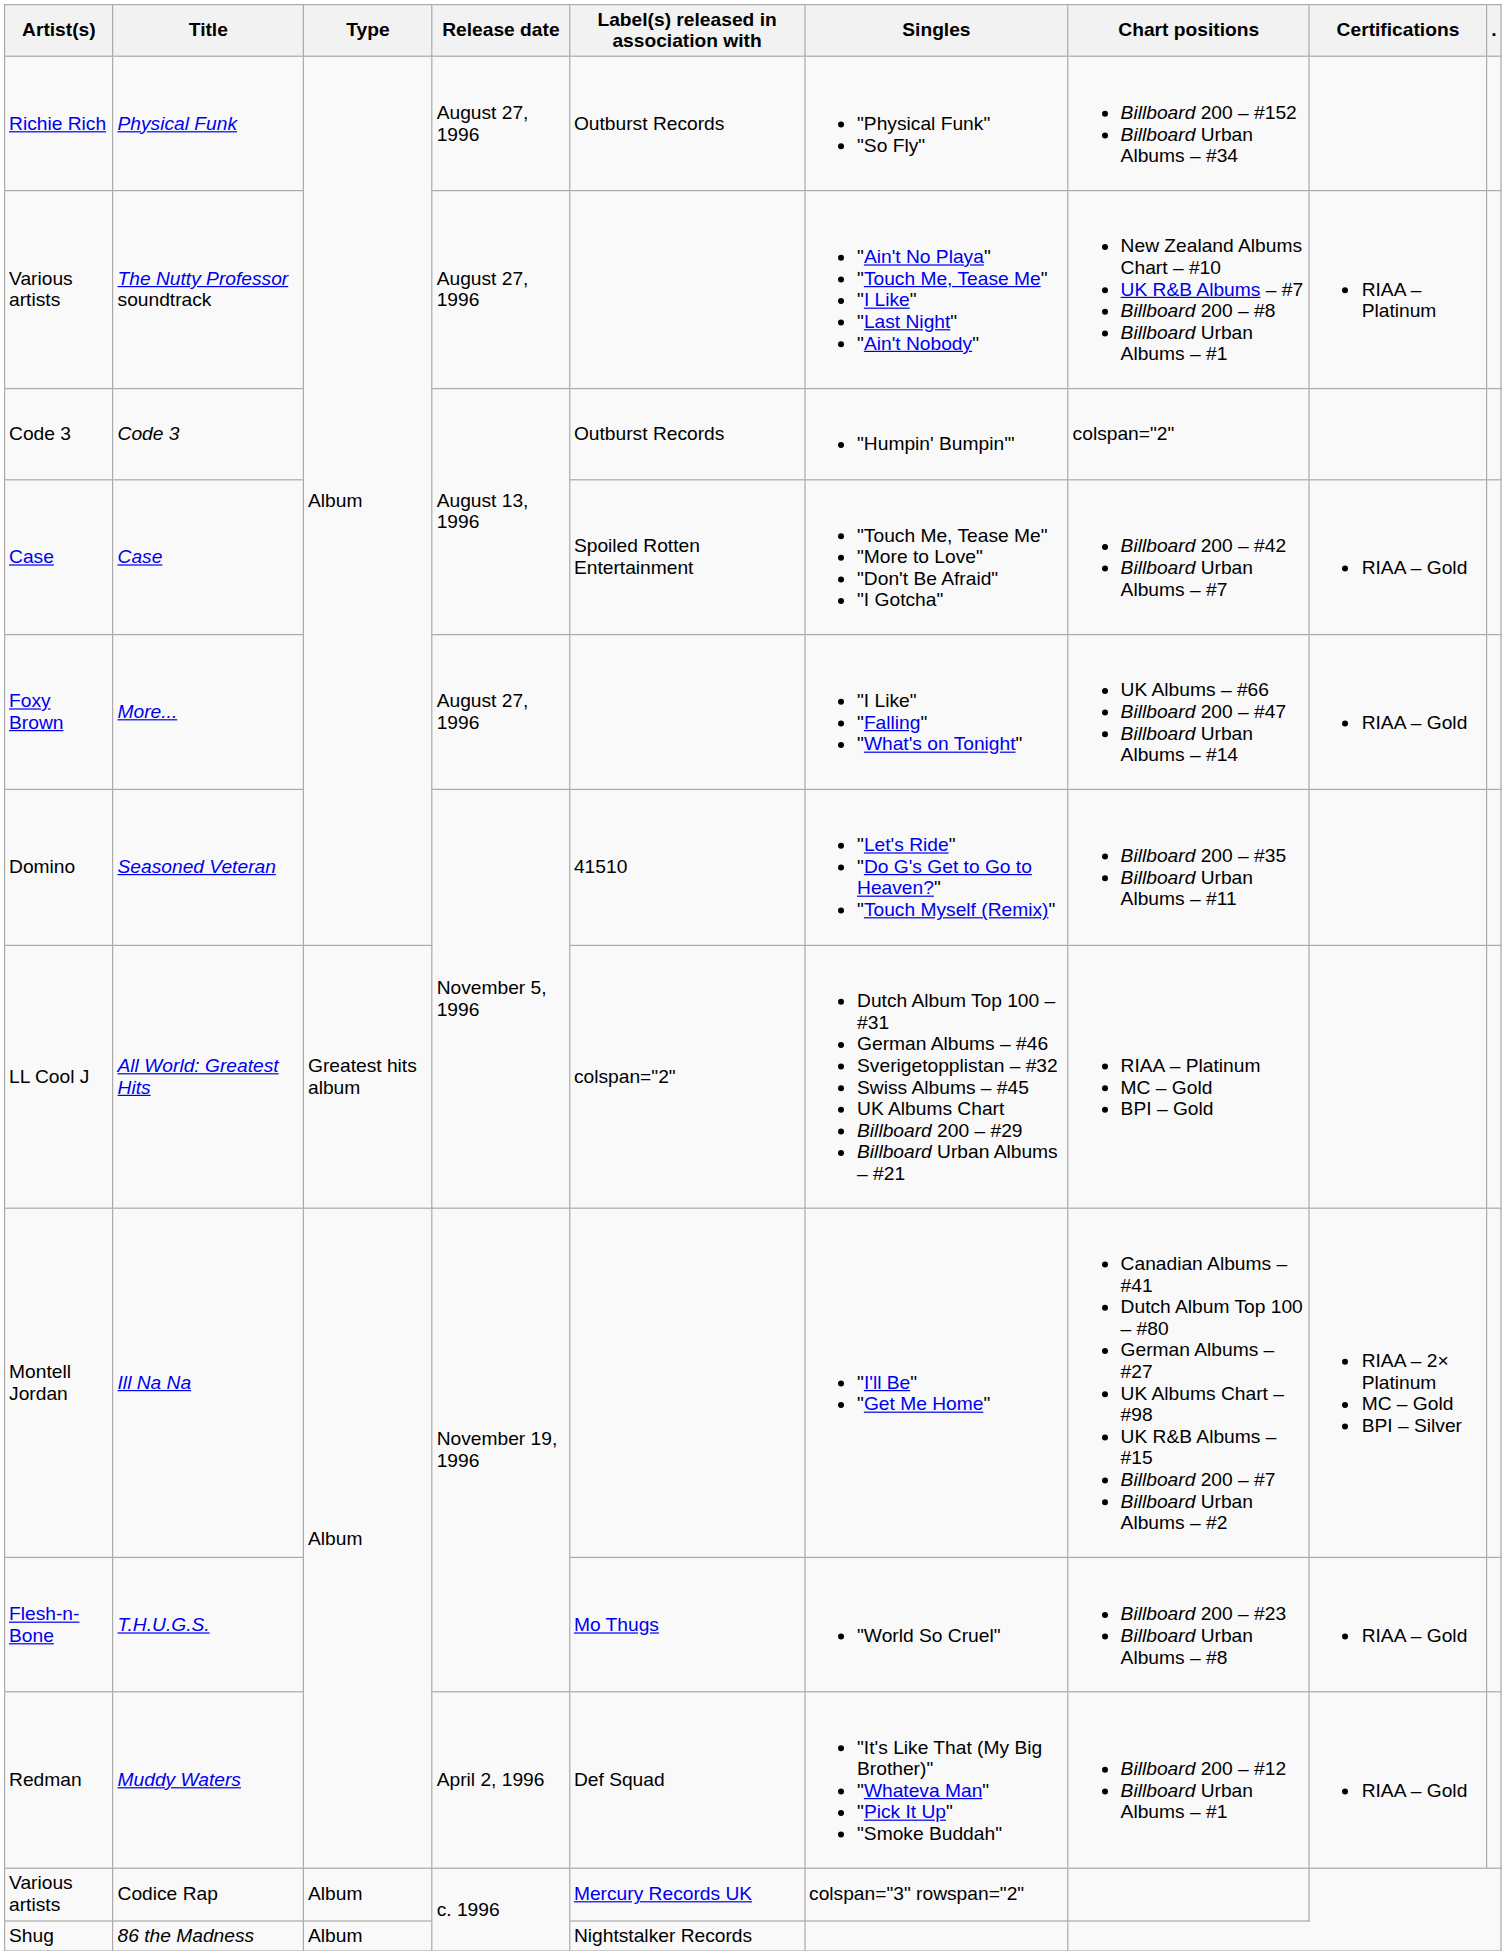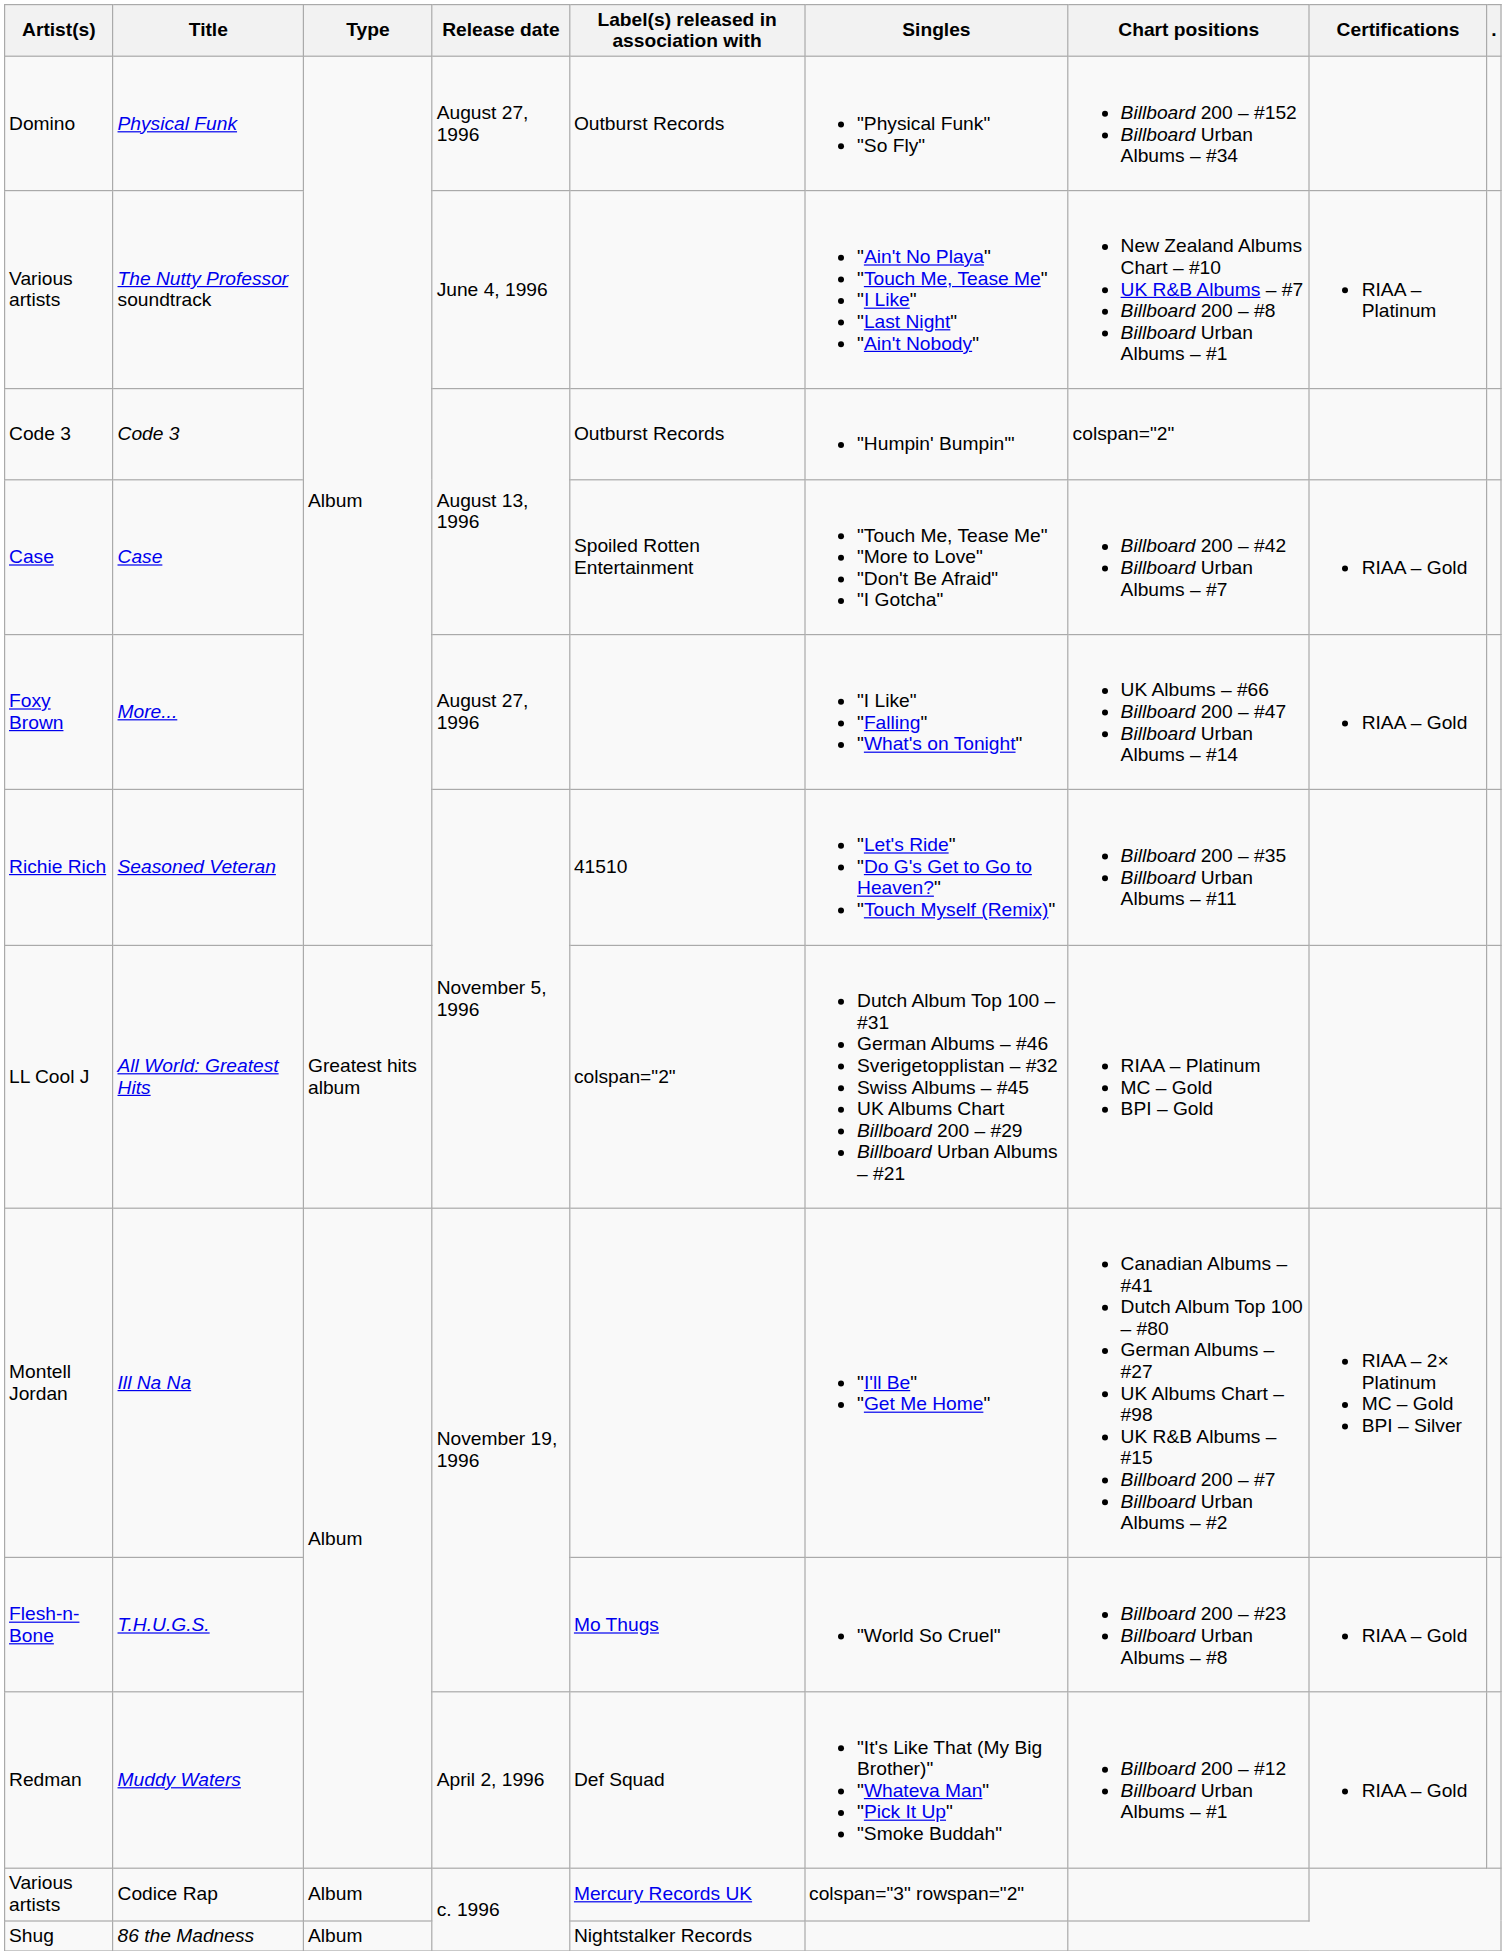 <table class="wikitable">
 <tr>
 <th>Artist(s)</th>
 <th>Title</th>
 <th>Type</th>
 <th>Release date</th>
 <th>Label(s) released in association with</th>
 <th>Singles</th>
 <th>Chart positions</th>
 <th>Certifications</th>
 <th>.</th>
 </tr>
 <tr>
-<td><a href='#'>Richie Rich</a></td>
+<td>Domino</td>
 <td><em><a href='#'>Physical Funk</a></em></td>
 <td rowspan="6">Album</td>
 <td>August 27, 1996</td>
 <td>Outburst Records</td>
 <td><br><ul><li>"Physical Funk"</li><li>"So Fly"</li></ul></td>
 <td><br><ul><li><em>Billboard</em> 200 – #152</li><li><em>Billboard</em> Urban Albums – #34</li></ul></td>
 <td></td>
 <td></td>
 </tr>
 <tr>
 <td>Various artists</td>
 <td><a href='#'><em>The Nutty Professor</em></a> soundtrack</td>
-<td>August 27, 1996</td>
+<td>June 4, 1996</td>
 <td></td>
 <td><br><ul><li>"<a href='#'>Ain't No Playa</a>"</li><li>"<a href='#'>Touch Me, Tease Me</a>"</li><li>"<a href='#'>I Like</a>"</li><li>"<a href='#'>Last Night</a>"</li><li>"<a href='#'>Ain't Nobody</a>"</li></ul></td>
 <td><br><ul><li>New Zealand Albums Chart – #10</li><li><a href='#'>UK R&B Albums</a> – #7</li><li><em>Billboard</em> 200 – #8</li><li><em>Billboard</em> Urban Albums – #1</li></ul></td>
 <td><br><ul><li>RIAA – Platinum</li></ul></td>
 <td></td>
 </tr>
 <tr>
 <td>Code 3</td>
 <td><em>Code 3</em></td>
 <td rowspan="2">August 13, 1996</td>
 <td>Outburst Records</td>
 <td><br><ul><li>"Humpin' Bumpin'"</li></ul></td>
 <td>colspan="2" </td>
 <td></td>
 </tr>
 <tr>
 <td><a href='#'>Case</a></td>
 <td><a href='#'><em>Case</em></a></td>
 <td>Spoiled Rotten Entertainment</td>
 <td><br><ul><li>"Touch Me, Tease Me"</li><li>"More to Love"</li><li>"Don't Be Afraid"</li><li>"I Gotcha"</li></ul></td>
 <td><br><ul><li><em>Billboard</em> 200 – #42</li><li><em>Billboard</em> Urban Albums – #7</li></ul></td>
 <td><br><ul><li>RIAA – Gold</li></ul></td>
 <td></td>
 </tr>
 <tr>
 <td><a href='#'>Foxy Brown</a></td>
 <td><a href='#'><em>More...</em></a></td>
 <td>August 27, 1996</td>
 <td></td>
 <td><br><ul><li>"I Like"</li><li>"<a href='#'>Falling</a>"</li><li>"<a href='#'>What's on Tonight</a>"</li></ul></td>
 <td><br><ul><li>UK Albums – #66</li><li><em>Billboard</em> 200 – #47</li><li><em>Billboard</em> Urban Albums – #14</li></ul></td>
 <td><br><ul><li>RIAA – Gold</li></ul></td>
 <td></td>
 </tr>
 <tr>
-<td>Domino</td>
+<td><a href='#'>Richie Rich</a></td>
 <td><em><a href='#'>Seasoned Veteran</a></em></td>
 <td rowspan="2">November 5, 1996</td>
 <td>41510</td>
 <td><br><ul><li>"<a href='#'>Let's Ride</a>"</li><li>"<a href='#'>Do G's Get to Go to Heaven?</a>"</li><li>"<a href='#'>Touch Myself (Remix)</a>"</li></ul></td>
 <td><br><ul><li><em>Billboard</em> 200 – #35</li><li><em>Billboard</em> Urban Albums – #11</li></ul></td>
 <td></td>
 <td></td>
 </tr>
 <tr>
 <td>LL Cool J</td>
 <td><em><a href='#'>All World: Greatest Hits</a></em></td>
 <td>Greatest hits album</td>
 <td>colspan="2" </td>
 <td><br><ul><li>Dutch Album Top 100 – #31</li><li>German Albums – #46</li><li>Sverigetopplistan – #32</li><li>Swiss Albums – #45</li><li>UK Albums Chart</li><li><em>Billboard</em> 200 – #29</li><li><em>Billboard</em> Urban Albums – #21</li></ul></td>
 <td><br><ul><li>RIAA – Platinum</li><li>MC – Gold</li><li>BPI – Gold</li></ul></td>
 <td></td>
 </tr>
 <tr>
 <td>Montell Jordan</td>
 <td><em><a href='#'>Ill Na Na</a></em></td>
 <td rowspan="3">Album</td>
 <td rowspan="2">November 19, 1996</td>
 <td></td>
 <td><br><ul><li>"<a href='#'>I'll Be</a>"</li><li>"<a href='#'>Get Me Home</a>"</li></ul></td>
 <td><br><ul><li>Canadian Albums – #41</li><li>Dutch Album Top 100 – #80</li><li>German Albums – #27</li><li>UK Albums Chart – #98</li><li>UK R&B Albums – #15</li><li><em>Billboard</em> 200 – #7</li><li><em>Billboard</em> Urban Albums – #2</li></ul></td>
 <td><br><ul><li>RIAA – 2× Platinum</li><li>MC – Gold</li><li>BPI – Silver</li></ul></td>
 <td></td>
 </tr>
 <tr>
 <td><a href='#'>Flesh-n-Bone</a></td>
 <td><a href='#'><em>T.H.U.G.S.</em></a></td>
 <td><a href='#'>Mo Thugs</a></td>
 <td><br><ul><li>"World So Cruel"</li></ul></td>
 <td><br><ul><li><em>Billboard</em> 200 – #23</li><li><em>Billboard</em> Urban Albums – #8</li></ul></td>
 <td><br><ul><li>RIAA – Gold</li></ul></td>
 <td></td>
 </tr>
 <tr>
 <td>Redman</td>
 <td><a href='#'><em>Muddy Waters</em></a></td>
 <td>April 2, 1996</td>
 <td>Def Squad</td>
 <td><br><ul><li>"It's Like That (My Big Brother)"</li><li>"<a href='#'>Whateva Man</a>"</li><li>"<a href='#'>Pick It Up</a>"</li><li>"Smoke Buddah"</li></ul></td>
 <td><br><ul><li><em>Billboard</em> 200 – #12</li><li><em>Billboard</em> Urban Albums – #1</li></ul></td>
 <td><br><ul><li>RIAA – Gold</li></ul></td>
 <td></td>
 </tr>
 <tr>
 <td>Various artists</td>
 <td>Codice Rap</td>
 <td>Album</td>
 <td rowspan="2">c. 1996</td>
 <td><a href='#'>Mercury Records UK</a></td>
 <td>colspan="3" rowspan="2" </td>
 <td></td>
 </tr>
 <tr>
 <td>Shug</td>
 <td><em>86 the Madness</em></td>
 <td>Album</td>
 <td>Nightstalker Records</td>
 <td></td>
 </tr>
 </table>
